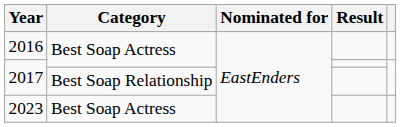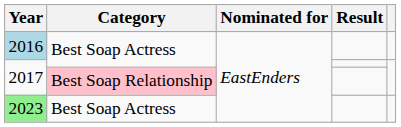 <table class="wikitable plainrowheaders">
 <tr>
 <th scope="col">Year</th>
 <th scope="col">Category</th>
 <th scope="col">Nominated for</th>
 <th scope="col">Result</th>
 <th scope="col"></th>
 </tr>
 <tr>
-<td align="center">2016</td>
+<td align="center" style="background: lightblue;">2016</td>
 <td rowspan="2">Best Soap Actress</td>
 <td rowspan="4"><em>EastEnders</em></td>
 <td></td>
 <td align="center"></td>
 </tr>
 <tr>
 <td rowspan = "2" align="center">2017</td>
 <td></td>
 <td rowspan = "2" align="center"></td>
 </tr>
 <tr>
-<td>Best Soap Relationship </td>
+<td style="background: pink;">Best Soap Relationship </td>
 <td></td>
 </tr>
 <tr>
-<td align="center">2023</td>
+<td align="center" style="background: lightgreen;">2023</td>
 <td>Best Soap Actress</td>
 <td></td>
 <td align="center"></td>
 </tr>
 </table>
